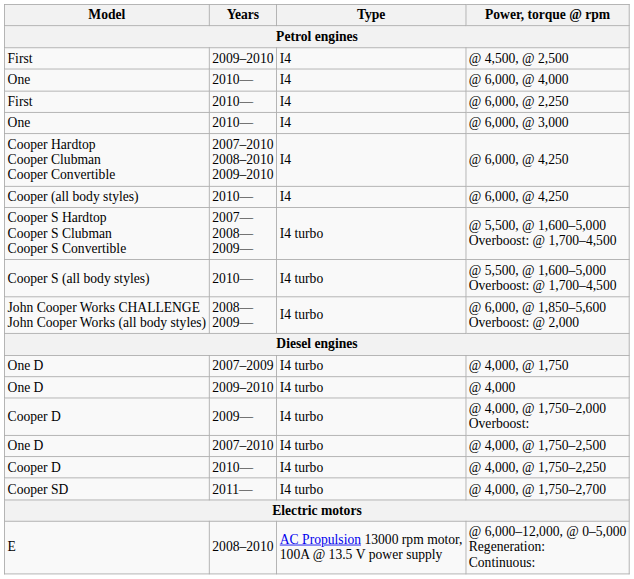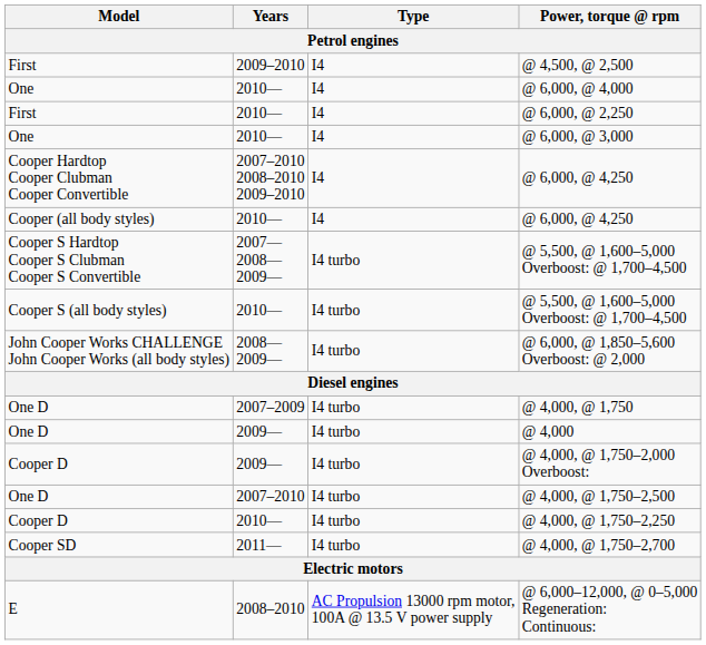 <table class="wikitable">
 <tr>
 <th>Model</th>
 <th>Years</th>
 <th>Type</th>
 <th>Power, torque @ rpm</th>
 </tr>
 <tr>
 <th Colspan=4>Petrol engines</th>
 </tr>
 <tr>
 <td>First</td>
 <td>2009–2010</td>
 <td> I4</td>
 <td> @ 4,500,  @ 2,500</td>
 </tr>
 <tr>
 <td>One</td>
 <td>2010—</td>
 <td> I4</td>
 <td> @ 6,000,  @ 4,000</td>
 </tr>
 <tr>
 <td>First</td>
 <td>2010—</td>
 <td> I4</td>
 <td> @ 6,000,  @ 2,250</td>
 </tr>
 <tr>
 <td>One</td>
 <td>2010—</td>
 <td> I4</td>
 <td> @ 6,000,  @ 3,000</td>
 </tr>
 <tr>
 <td>Cooper Hardtop<br>Cooper Clubman<br>Cooper Convertible</td>
 <td>2007–2010<br>2008–2010<br>2009–2010</td>
 <td> I4</td>
 <td> @ 6,000,  @ 4,250</td>
 </tr>
 <tr>
 <td>Cooper (all body styles)</td>
 <td>2010—</td>
 <td> I4</td>
 <td> @ 6,000,  @ 4,250</td>
 </tr>
 <tr>
 <td>Cooper S Hardtop<br>Cooper S Clubman<br>Cooper S Convertible</td>
 <td>2007—<br>2008—<br>2009—</td>
 <td> I4 turbo</td>
 <td> @ 5,500,  @ 1,600–5,000<br>Overboost:  @ 1,700–4,500</td>
 </tr>
 <tr>
 <td>Cooper S (all body styles)</td>
 <td>2010—</td>
 <td> I4 turbo</td>
 <td> @ 5,500,  @ 1,600–5,000<br>Overboost:  @ 1,700–4,500</td>
 </tr>
 <tr>
 <td>John Cooper Works CHALLENGE<br>John Cooper Works (all body styles)</td>
 <td>2008—<br>2009—</td>
 <td> I4 turbo</td>
 <td> @ 6,000,  @ 1,850–5,600<br>Overboost:  @ 2,000</td>
 </tr>
 <tr>
 <th Colspan=4>Diesel engines</th>
 </tr>
 <tr>
 <td>One D</td>
 <td>2007–2009</td>
 <td> I4 turbo</td>
 <td> @ 4,000,  @ 1,750</td>
 </tr>
 <tr>
 <td>One D</td>
-<td>2009–2010</td>
+<td>2009—</td>
 <td> I4 turbo</td>
 <td> @ 4,000</td>
 </tr>
 <tr>
 <td>Cooper D</td>
 <td>2009—</td>
 <td> I4 turbo</td>
 <td> @ 4,000,  @ 1,750–2,000<br>Overboost: </td>
 </tr>
 <tr>
 <td>One D</td>
 <td>2007–2010</td>
 <td> I4 turbo</td>
 <td> @ 4,000,  @ 1,750–2,500</td>
 </tr>
 <tr>
 <td>Cooper D</td>
 <td>2010—</td>
 <td> I4 turbo</td>
 <td> @ 4,000,  @ 1,750–2,250</td>
 </tr>
 <tr>
 <td>Cooper SD</td>
 <td>2011—</td>
 <td> I4 turbo</td>
 <td> @ 4,000,  @ 1,750–2,700</td>
 </tr>
 <tr>
 <th Colspan=4>Electric motors</th>
 </tr>
 <tr>
 <td>E</td>
 <td>2008–2010</td>
 <td><a href='#'>AC Propulsion</a> 13000 rpm motor,<br>100A @ 13.5 V power supply</td>
 <td> @ 6,000–12,000,  @ 0–5,000<br>Regeneration: <br> Continuous: </td>
 </tr>
 </table>
